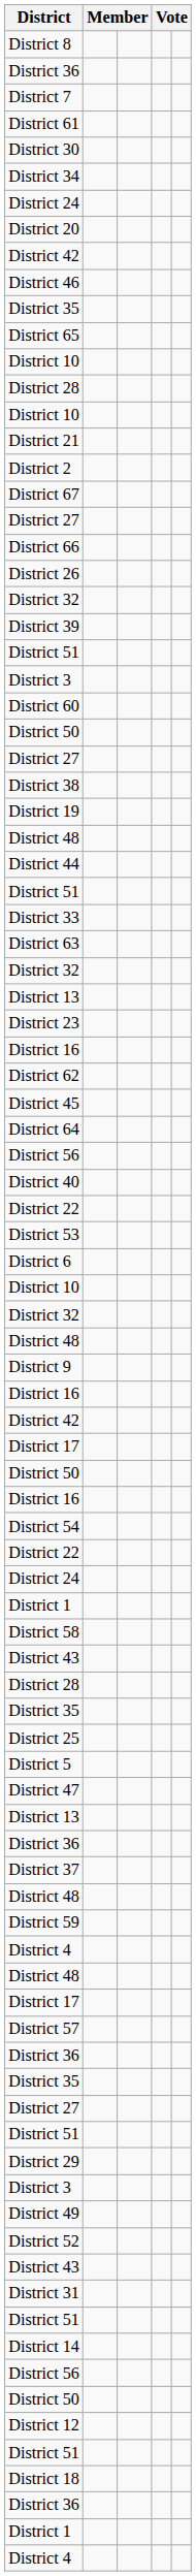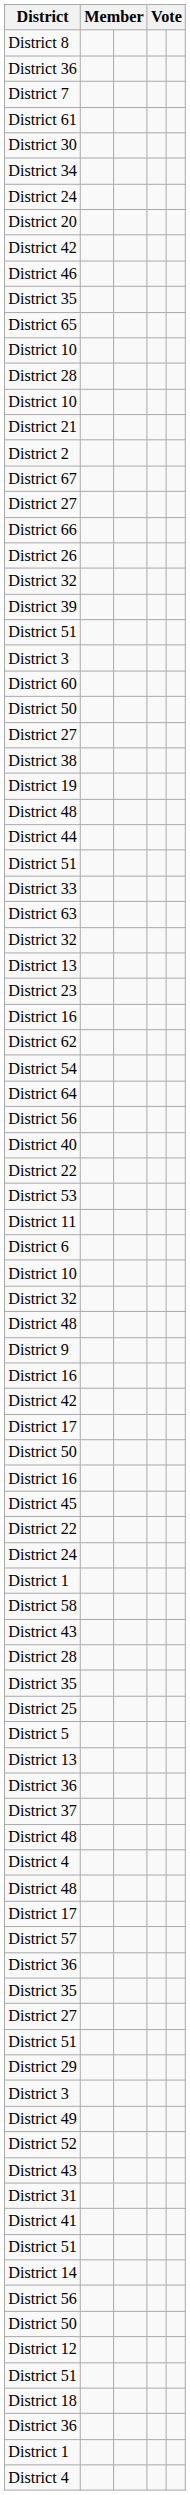 <table class="wikitable sortable mw-collapsible mw-collapsed">
 <tr>
 <th>District</th>
 <th colspan="2">Member</th>
 <th colspan="2">Vote</th>
 </tr>
 <tr>
 <td>District 8</td>
 <td style="background-color:"></td>
 <td></td>
 <td style="background-color:"></td>
 <td></td>
 </tr>
 <tr>
 <td>District 36</td>
 <td style="background-color:"></td>
 <td></td>
 <td style="background-color:"></td>
 <td></td>
 </tr>
 <tr>
 <td>District 7</td>
 <td style="background-color:"></td>
 <td></td>
 <td style="background-color:"></td>
 <td></td>
 </tr>
 <tr>
 <td>District 61</td>
 <td style="background-color:"></td>
 <td></td>
 <td style="background-color:"></td>
 <td></td>
 </tr>
 <tr>
 <td>District 30</td>
 <td style="background-color:"></td>
 <td></td>
 <td style="background-color:"></td>
 <td></td>
 </tr>
 <tr>
 <td>District 34</td>
 <td style="background-color:"></td>
 <td></td>
 <td style="background-color:"></td>
 <td></td>
 </tr>
 <tr>
 <td>District 24</td>
 <td style="background-color:"></td>
 <td></td>
 <td style="background-color:"></td>
 <td></td>
 </tr>
 <tr>
 <td>District 20</td>
 <td style="background-color:"></td>
 <td></td>
 <td style="background-color:"></td>
 <td></td>
 </tr>
 <tr>
 <td>District 42</td>
 <td style="background-color:"></td>
 <td></td>
 <td style="background-color:"></td>
 <td></td>
 </tr>
 <tr>
 <td>District 46</td>
 <td style="background-color:"></td>
 <td></td>
 <td style="background-color:"></td>
 <td></td>
 </tr>
 <tr>
 <td>District 35</td>
 <td style="background-color:"></td>
 <td></td>
 <td style="background-color:"></td>
 <td></td>
 </tr>
 <tr>
 <td>District 65</td>
 <td style="background-color:"></td>
 <td></td>
 <td style="background-color:"></td>
 <td></td>
 </tr>
 <tr>
 <td>District 10</td>
 <td style="background-color:"></td>
 <td></td>
 <td style="background-color:"></td>
 <td></td>
 </tr>
 <tr>
 <td>District 28</td>
 <td style="background-color:"></td>
 <td></td>
 <td style="background-color:"></td>
 <td></td>
 </tr>
 <tr>
 <td>District 10</td>
 <td style="background-color:"></td>
 <td></td>
 <td style="background-color:"></td>
 <td></td>
 </tr>
 <tr>
 <td>District 21</td>
 <td style="background-color:"></td>
 <td></td>
 <td style="background-color:"></td>
 <td></td>
 </tr>
 <tr>
 <td>District 2</td>
 <td style="background-color:"></td>
 <td></td>
 <td style="background-color:"></td>
 <td></td>
 </tr>
 <tr>
 <td>District 67</td>
 <td style="background-color:"></td>
 <td></td>
 <td style="background-color:"></td>
 <td></td>
 </tr>
 <tr>
 <td>District 27</td>
 <td style="background-color:"></td>
 <td></td>
 <td style="background-color:"></td>
 <td></td>
 </tr>
 <tr>
 <td>District 66</td>
 <td style="background-color:"></td>
 <td></td>
 <td style="background-color:"></td>
 <td></td>
 </tr>
 <tr>
 <td>District 26</td>
 <td style="background-color:"></td>
 <td></td>
 <td style="background-color:"></td>
 <td></td>
 </tr>
 <tr>
 <td>District 32</td>
 <td style="background-color:"></td>
 <td></td>
 <td style="background-color:"></td>
 <td></td>
 </tr>
 <tr>
 <td>District 39</td>
 <td style="background-color:"></td>
 <td></td>
 <td style="background-color:"></td>
 <td></td>
 </tr>
 <tr>
 <td>District 51</td>
 <td style="background-color:"></td>
 <td></td>
 <td style="background-color:"></td>
 <td></td>
 </tr>
 <tr>
 <td>District 3</td>
 <td style="background-color:"></td>
 <td></td>
 <td style="background-color:"></td>
 <td></td>
 </tr>
 <tr>
 <td>District 60</td>
 <td style="background-color:"></td>
 <td></td>
 <td style="background-color:"></td>
 <td></td>
 </tr>
 <tr>
 <td>District 50</td>
 <td style="background-color:"></td>
 <td></td>
 <td style="background-color:"></td>
 <td></td>
 </tr>
 <tr>
 <td>District 27</td>
 <td style="background-color:"></td>
 <td></td>
 <td style="background-color:"></td>
 <td></td>
 </tr>
 <tr>
 <td>District 38</td>
 <td style="background-color:"></td>
 <td></td>
 <td style="background-color:"></td>
 <td></td>
 </tr>
 <tr>
 <td>District 19</td>
 <td style="background-color:"></td>
 <td></td>
 <td style="background-color:"></td>
 <td></td>
 </tr>
 <tr>
 <td>District 48</td>
 <td style="background-color:"></td>
 <td></td>
 <td style="background-color:"></td>
 <td></td>
 </tr>
 <tr>
 <td>District 44</td>
 <td style="background-color:"></td>
 <td></td>
 <td style="background-color:"></td>
 <td></td>
 </tr>
 <tr>
 <td>District 51</td>
 <td style="background-color:"></td>
 <td></td>
 <td style="background-color:"></td>
 <td></td>
 </tr>
 <tr>
 <td>District 33</td>
 <td style="background-color:"></td>
 <td></td>
 <td style="background-color:"></td>
 <td></td>
 </tr>
 <tr>
 <td>District 63</td>
 <td style="background-color:"></td>
 <td></td>
 <td style="background-color:"></td>
 <td></td>
 </tr>
 <tr>
 <td>District 32</td>
 <td style="background-color:"></td>
 <td></td>
 <td style="background-color:"></td>
 <td></td>
 </tr>
 <tr>
 <td>District 13</td>
 <td style="background-color:"></td>
 <td></td>
 <td style="background-color:"></td>
 <td></td>
 </tr>
 <tr>
 <td>District 23</td>
 <td style="background-color:"></td>
 <td></td>
 <td style="background-color:"></td>
 <td></td>
 </tr>
 <tr>
 <td>District 16</td>
 <td style="background-color:"></td>
 <td></td>
 <td style="background-color:"></td>
 <td></td>
 </tr>
 <tr>
 <td>District 62</td>
 <td style="background-color:"></td>
 <td></td>
 <td style="background-color:"></td>
 <td></td>
 </tr>
 <tr>
-<td>District 45</td>
+<td>District 54</td>
 <td style="background-color:"></td>
 <td></td>
 <td style="background-color:"></td>
 <td></td>
 </tr>
 <tr>
 <td>District 64</td>
 <td style="background-color:"></td>
 <td></td>
 <td style="background-color:"></td>
 <td></td>
 </tr>
 <tr>
 <td>District 56</td>
 <td style="background-color:"></td>
 <td></td>
 <td style="background-color:"></td>
 <td></td>
 </tr>
 <tr>
 <td>District 40</td>
 <td style="background-color:"></td>
 <td></td>
 <td style="background-color:"></td>
 <td></td>
 </tr>
 <tr>
 <td>District 22</td>
 <td style="background-color:"></td>
 <td></td>
 <td style="background-color:"></td>
 <td></td>
 </tr>
 <tr>
 <td>District 53</td>
+<td style="background-color:"></td>
+<td></td>
+<td style="background-color:"></td>
+<td></td>
+</tr>
+<tr>
+<td>District 11</td>
 <td style="background-color:"></td>
 <td></td>
 <td style="background-color:"></td>
 <td></td>
 </tr>
 <tr>
 <td>District 6</td>
 <td style="background-color:"></td>
 <td></td>
 <td style="background-color:"></td>
 <td></td>
 </tr>
 <tr>
 <td>District 10</td>
 <td style="background-color:"></td>
 <td></td>
 <td style="background-color:"></td>
 <td></td>
 </tr>
 <tr>
 <td>District 32</td>
 <td style="background-color:"></td>
 <td></td>
 <td style="background-color:"></td>
 <td></td>
 </tr>
 <tr>
 <td>District 48</td>
 <td style="background-color:"></td>
 <td></td>
 <td style="background-color:"></td>
 <td></td>
 </tr>
 <tr>
 <td>District 9</td>
 <td style="background-color:"></td>
 <td></td>
 <td style="background-color:"></td>
 <td></td>
 </tr>
 <tr>
 <td>District 16</td>
 <td style="background-color:"></td>
 <td></td>
 <td style="background-color:"></td>
 <td></td>
 </tr>
 <tr>
 <td>District 42</td>
 <td style="background-color:"></td>
 <td></td>
 <td style="background-color:"></td>
 <td></td>
 </tr>
 <tr>
 <td>District 17</td>
 <td style="background-color:"></td>
 <td></td>
 <td style="background-color:"></td>
 <td></td>
 </tr>
 <tr>
 <td>District 50</td>
 <td style="background-color:"></td>
 <td></td>
 <td style="background-color:"></td>
 <td></td>
 </tr>
 <tr>
 <td>District 16</td>
 <td style="background-color:"></td>
 <td></td>
 <td style="background-color:"></td>
 <td></td>
 </tr>
 <tr>
-<td>District 54</td>
+<td>District 45</td>
 <td style="background-color:"></td>
 <td></td>
 <td style="background-color:"></td>
 <td></td>
 </tr>
 <tr>
 <td>District 22</td>
 <td style="background-color:"></td>
 <td></td>
 <td style="background-color:"></td>
 <td></td>
 </tr>
 <tr>
 <td>District 24</td>
 <td style="background-color:"></td>
 <td></td>
 <td style="background-color:"></td>
 <td></td>
 </tr>
 <tr>
 <td>District 1</td>
 <td style="background-color:"></td>
 <td></td>
 <td style="background-color:"></td>
 <td></td>
 </tr>
 <tr>
 <td>District 58</td>
 <td style="background-color:"></td>
 <td></td>
 <td style="background-color:"></td>
 <td></td>
 </tr>
 <tr>
 <td>District 43</td>
 <td style="background-color:"></td>
 <td></td>
 <td style="background-color:"></td>
 <td></td>
 </tr>
 <tr>
 <td>District 28</td>
 <td style="background-color:"></td>
 <td></td>
 <td style="background-color:"></td>
 <td></td>
 </tr>
 <tr>
 <td>District 35</td>
 <td style="background-color:"></td>
 <td></td>
 <td style="background-color:"></td>
 <td></td>
 </tr>
 <tr>
 <td>District 25</td>
 <td style="background-color:"></td>
 <td></td>
 <td style="background-color:"></td>
 <td></td>
 </tr>
 <tr>
 <td>District 5</td>
 <td style="background-color:"></td>
 <td></td>
 <td style="background-color:"></td>
 <td></td>
 </tr>
 <tr>
-<td>District 47</td>
-<td style="background-color:"></td>
-<td></td>
-<td style="background-color:"></td>
-<td></td>
-</tr>
-<tr>
 <td>District 13</td>
 <td style="background-color:"></td>
 <td></td>
 <td style="background-color:"></td>
 <td></td>
 </tr>
 <tr>
 <td>District 36</td>
 <td style="background-color:"></td>
 <td></td>
 <td style="background-color:"></td>
 <td></td>
 </tr>
 <tr>
 <td>District 37</td>
 <td style="background-color:"></td>
 <td></td>
 <td style="background-color:"></td>
 <td></td>
 </tr>
 <tr>
 <td>District 48</td>
-<td style="background-color:"></td>
-<td></td>
-<td style="background-color:"></td>
-<td></td>
-</tr>
-<tr>
-<td>District 59</td>
 <td style="background-color:"></td>
 <td></td>
 <td style="background-color:"></td>
 <td></td>
 </tr>
 <tr>
 <td>District 4</td>
 <td style="background-color:"></td>
 <td></td>
 <td style="background-color:"></td>
 <td></td>
 </tr>
 <tr>
 <td>District 48</td>
 <td style="background-color:"></td>
 <td></td>
 <td style="background-color:"></td>
 <td></td>
 </tr>
 <tr>
 <td>District 17</td>
 <td style="background-color:"></td>
 <td></td>
 <td style="background-color:"></td>
 <td></td>
 </tr>
 <tr>
 <td>District 57</td>
 <td style="background-color:"></td>
 <td></td>
 <td style="background-color:"></td>
 <td></td>
 </tr>
 <tr>
 <td>District 36</td>
 <td style="background-color:"></td>
 <td></td>
 <td style="background-color:"></td>
 <td></td>
 </tr>
 <tr>
 <td>District 35</td>
 <td style="background-color:"></td>
 <td></td>
 <td style="background-color:"></td>
 <td></td>
 </tr>
 <tr>
 <td>District 27</td>
 <td style="background-color:"></td>
 <td></td>
 <td style="background-color:"></td>
 <td></td>
 </tr>
 <tr>
 <td>District 51</td>
 <td style="background-color:"></td>
 <td></td>
 <td style="background-color:"></td>
 <td></td>
 </tr>
 <tr>
 <td>District 29</td>
 <td style="background-color:"></td>
 <td></td>
 <td style="background-color:"></td>
 <td></td>
 </tr>
 <tr>
 <td>District 3</td>
 <td style="background-color:"></td>
 <td></td>
 <td style="background-color:"></td>
 <td></td>
 </tr>
 <tr>
 <td>District 49</td>
 <td style="background-color:"></td>
 <td></td>
 <td style="background-color:"></td>
 <td></td>
 </tr>
 <tr>
 <td>District 52</td>
 <td style="background-color:"></td>
 <td></td>
 <td style="background-color:"></td>
 <td></td>
 </tr>
 <tr>
 <td>District 43</td>
 <td style="background-color:"></td>
 <td></td>
 <td style="background-color:"></td>
 <td></td>
 </tr>
 <tr>
 <td>District 31</td>
 <td style="background-color:"></td>
 <td></td>
 <td style="background-color:"></td>
 <td></td>
 </tr>
 <tr>
+<td>District 41</td>
+<td style="background-color:"></td>
+<td></td>
+<td style="background-color:"></td>
+<td></td>
+</tr>
+<tr>
 <td>District 51</td>
 <td style="background-color:"></td>
 <td></td>
 <td style="background-color:"></td>
 <td></td>
 </tr>
 <tr>
 <td>District 14</td>
 <td style="background-color:"></td>
 <td></td>
 <td style="background-color:"></td>
 <td></td>
 </tr>
 <tr>
 <td>District 56</td>
 <td style="background-color:"></td>
 <td></td>
 <td style="background-color:"></td>
 <td></td>
 </tr>
 <tr>
 <td>District 50</td>
 <td style="background-color:"></td>
 <td></td>
 <td style="background-color:"></td>
 <td></td>
 </tr>
 <tr>
 <td>District 12</td>
 <td style="background-color:"></td>
 <td></td>
 <td style="background-color:"></td>
 <td></td>
 </tr>
 <tr>
 <td>District 51</td>
 <td style="background-color:"></td>
 <td></td>
 <td style="background-color:"></td>
 <td></td>
 </tr>
 <tr>
 <td>District 18</td>
 <td style="background-color:"></td>
 <td></td>
 <td style="background-color:"></td>
 <td></td>
 </tr>
 <tr>
 <td>District 36</td>
 <td style="background-color:"></td>
 <td></td>
 <td style="background-color:"></td>
 <td></td>
 </tr>
 <tr>
 <td>District 1</td>
 <td style="background-color:"></td>
 <td></td>
 <td style="background-color:"></td>
 <td></td>
 </tr>
 <tr>
 <td>District 4</td>
 <td style="background-color:"></td>
 <td></td>
 <td style="background-color:"></td>
 <td></td>
 </tr>
 </table>
